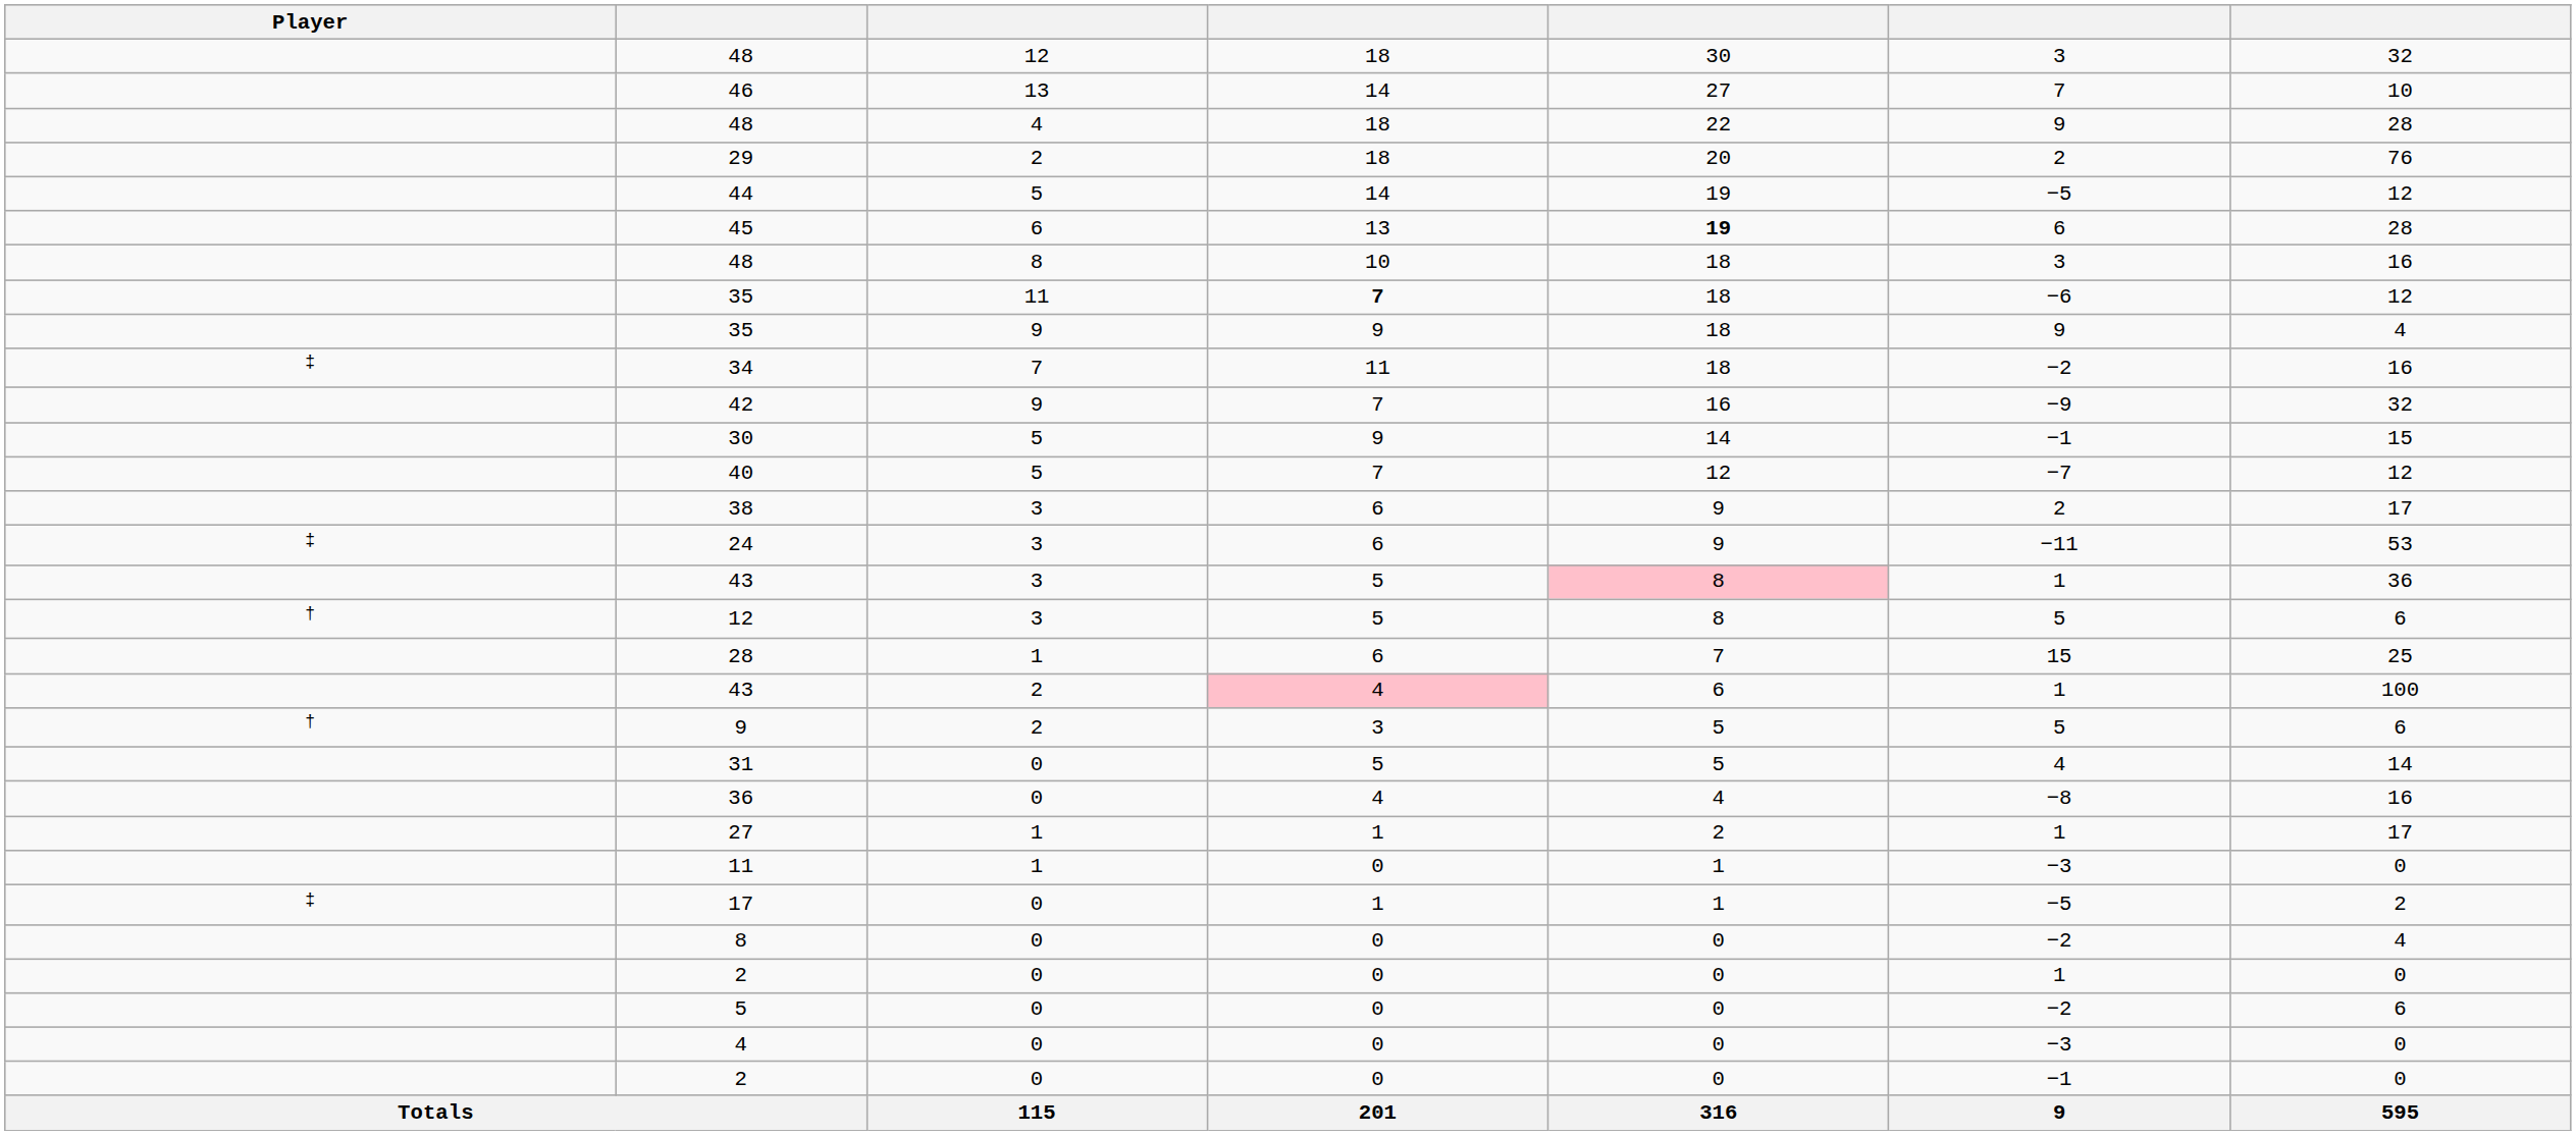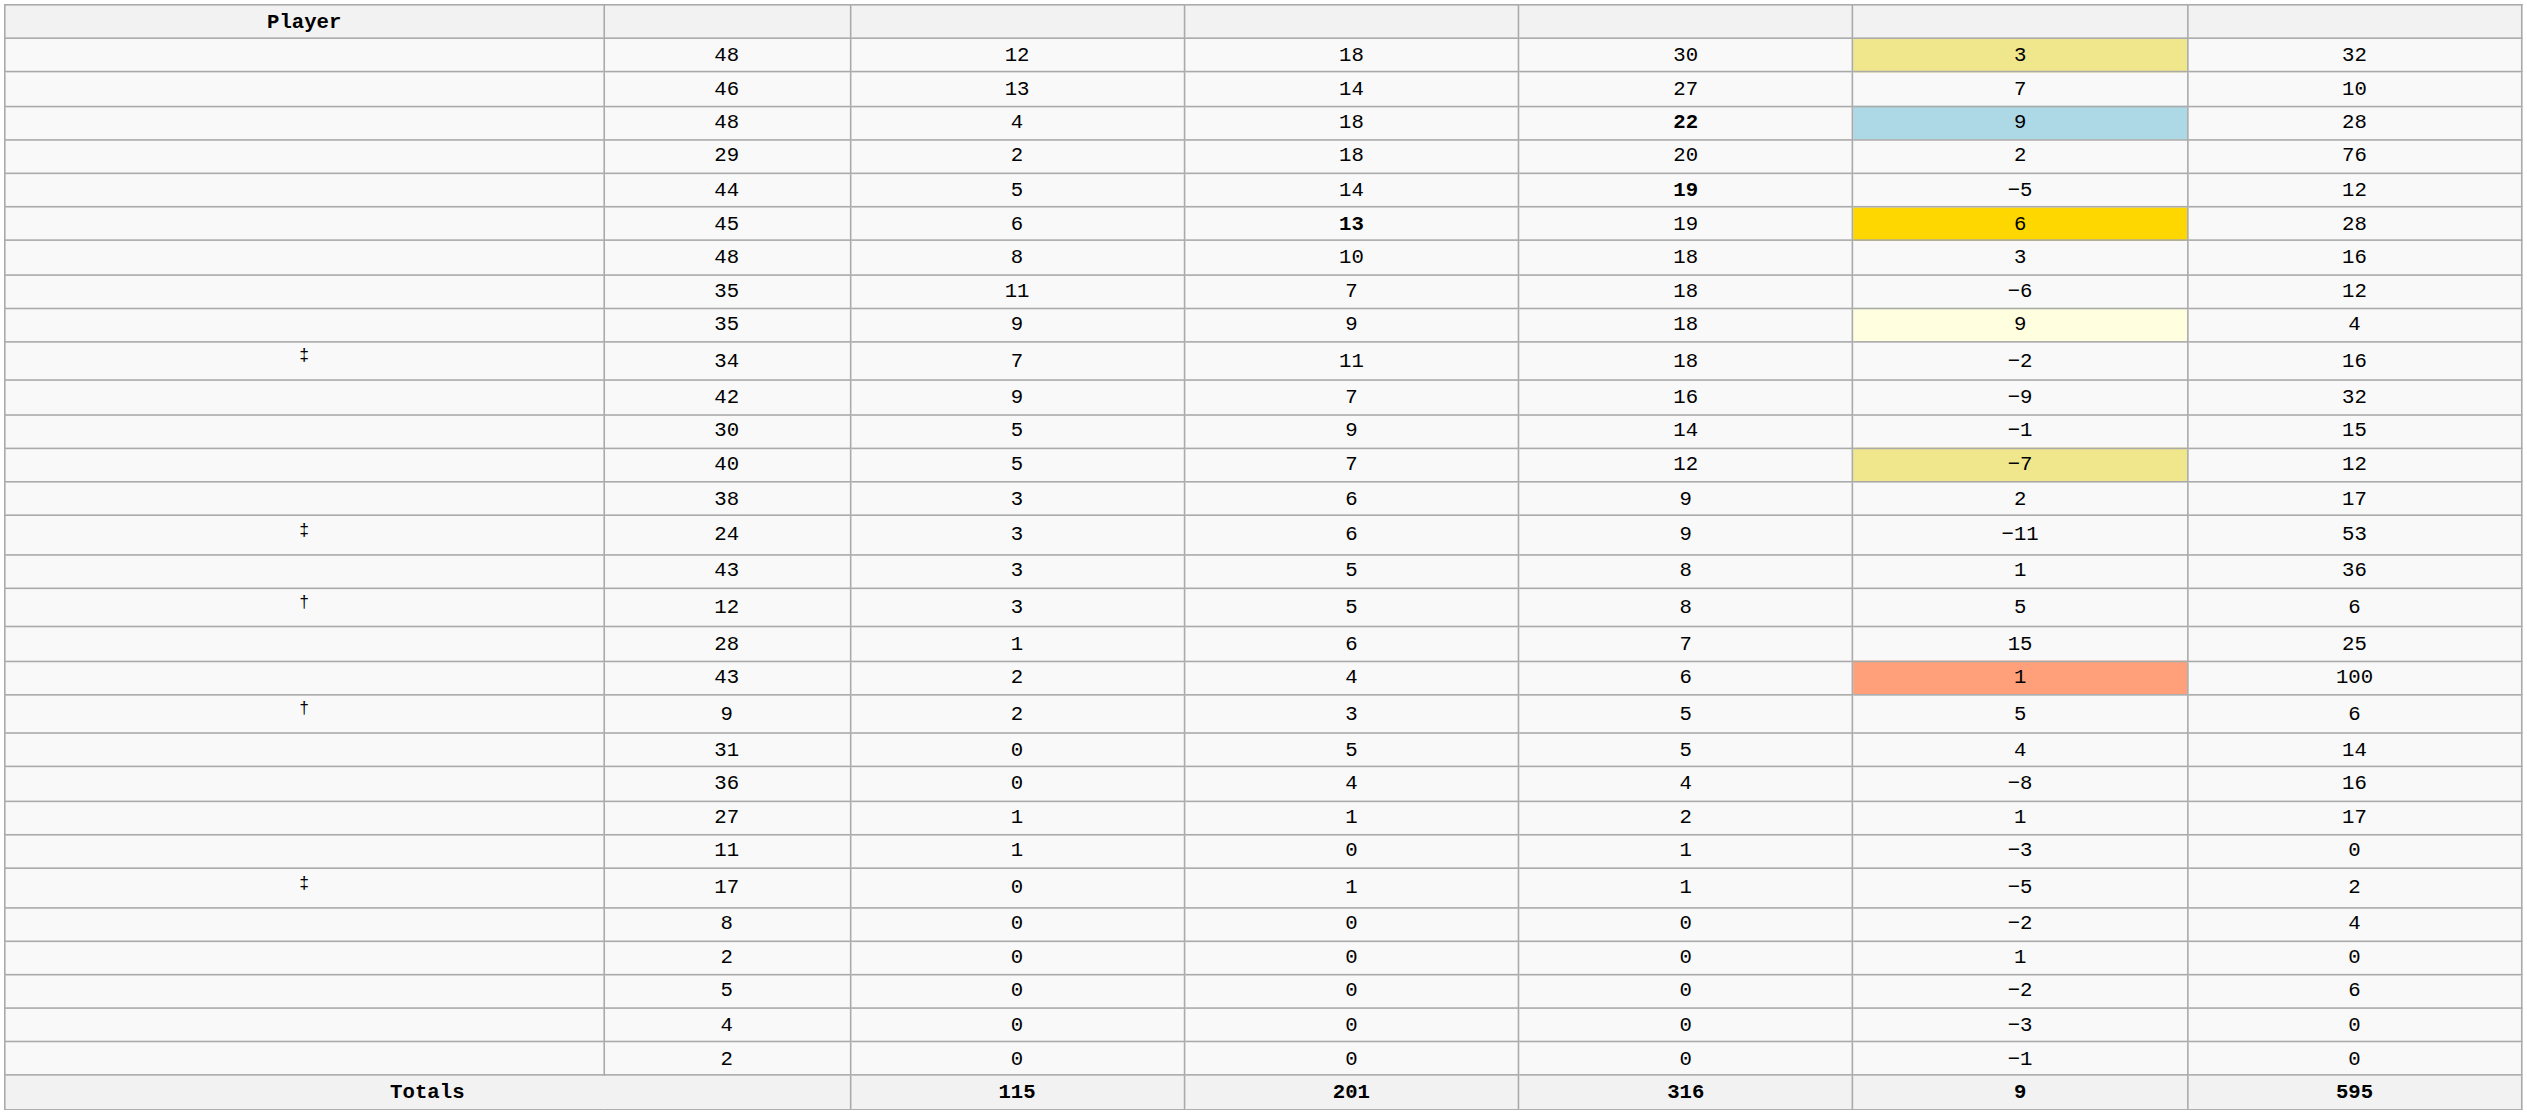 <table class="wikitable sortable" style="width:100%;">
 <tr align=center>
 <th>Player</th>
 <th></th>
 <th></th>
 <th></th>
 <th></th>
 <th data-sort-type="number"></th>
 <th></th>
 </tr>
 <tr align=center>
 <td></td>
 <td>48</td>
 <td>12</td>
 <td>18</td>
 <td>30</td>
-<td>3</td>
+<td style="background: khaki;">3</td>
 <td>32</td>
 </tr>
 <tr align=center>
 <td></td>
 <td>46</td>
 <td>13</td>
 <td>14</td>
 <td>27</td>
 <td>7</td>
 <td>10</td>
 </tr>
 <tr align=center>
 <td></td>
 <td>48</td>
 <td>4</td>
 <td>18</td>
-<td>22</td>
-<td>9</td>
+<td><strong>22</strong></td>
+<td style="background: lightblue;">9</td>
 <td>28</td>
 </tr>
 <tr align=center>
 <td></td>
 <td>29</td>
 <td>2</td>
 <td>18</td>
 <td>20</td>
 <td>2</td>
 <td>76</td>
 </tr>
 <tr align=center>
 <td></td>
 <td>44</td>
 <td>5</td>
 <td>14</td>
-<td>19</td>
+<td><strong>19</strong></td>
 <td>−5</td>
 <td>12</td>
 </tr>
 <tr align=center>
 <td></td>
 <td>45</td>
 <td>6</td>
-<td>13</td>
-<td><strong>19</strong></td>
-<td>6</td>
+<td><strong>13</strong></td>
+<td>19</td>
+<td style="background: gold;">6</td>
 <td>28</td>
 </tr>
 <tr align=center>
 <td></td>
 <td>48</td>
 <td>8</td>
 <td>10</td>
 <td>18</td>
 <td>3</td>
 <td>16</td>
 </tr>
 <tr align=center>
 <td></td>
 <td>35</td>
 <td>11</td>
-<td><strong>7</strong></td>
+<td>7</td>
 <td>18</td>
 <td>−6</td>
 <td>12</td>
 </tr>
 <tr align=center>
 <td></td>
 <td>35</td>
 <td>9</td>
 <td>9</td>
 <td>18</td>
-<td>9</td>
+<td style="background: lightyellow;">9</td>
 <td>4</td>
 </tr>
 <tr align=center>
 <td><sup>‡</sup></td>
 <td>34</td>
 <td>7</td>
 <td>11</td>
 <td>18</td>
 <td>−2</td>
 <td>16</td>
 </tr>
 <tr align=center>
 <td></td>
 <td>42</td>
 <td>9</td>
 <td>7</td>
 <td>16</td>
 <td>−9</td>
 <td>32</td>
 </tr>
 <tr align=center>
 <td></td>
 <td>30</td>
 <td>5</td>
 <td>9</td>
 <td>14</td>
 <td>−1</td>
 <td>15</td>
 </tr>
 <tr align=center>
 <td></td>
 <td>40</td>
 <td>5</td>
 <td>7</td>
 <td>12</td>
-<td>−7</td>
+<td style="background: khaki;">−7</td>
 <td>12</td>
 </tr>
 <tr align=center>
 <td></td>
 <td>38</td>
 <td>3</td>
 <td>6</td>
 <td>9</td>
 <td>2</td>
 <td>17</td>
 </tr>
 <tr align=center>
 <td><sup>‡</sup></td>
 <td>24</td>
 <td>3</td>
 <td>6</td>
 <td>9</td>
 <td>−11</td>
 <td>53</td>
 </tr>
 <tr align=center>
 <td></td>
 <td>43</td>
 <td>3</td>
 <td>5</td>
-<td style="background: pink;">8</td>
+<td>8</td>
 <td>1</td>
 <td>36</td>
 </tr>
 <tr align=center>
 <td><sup>†</sup></td>
 <td>12</td>
 <td>3</td>
 <td>5</td>
 <td>8</td>
 <td>5</td>
 <td>6</td>
 </tr>
 <tr align=center>
 <td></td>
 <td>28</td>
 <td>1</td>
 <td>6</td>
 <td>7</td>
 <td>15</td>
 <td>25</td>
 </tr>
 <tr align=center>
 <td></td>
 <td>43</td>
 <td>2</td>
-<td style="background: pink;">4</td>
+<td>4</td>
 <td>6</td>
-<td>1</td>
+<td style="background: lightsalmon;">1</td>
 <td>100</td>
 </tr>
 <tr align=center>
 <td><sup>†</sup></td>
 <td>9</td>
 <td>2</td>
 <td>3</td>
 <td>5</td>
 <td>5</td>
 <td>6</td>
 </tr>
 <tr align=center>
 <td></td>
 <td>31</td>
 <td>0</td>
 <td>5</td>
 <td>5</td>
 <td>4</td>
 <td>14</td>
 </tr>
 <tr align=center>
 <td></td>
 <td>36</td>
 <td>0</td>
 <td>4</td>
 <td>4</td>
 <td>−8</td>
 <td>16</td>
 </tr>
 <tr align=center>
 <td></td>
 <td>27</td>
 <td>1</td>
 <td>1</td>
 <td>2</td>
 <td>1</td>
 <td>17</td>
 </tr>
 <tr align=center>
 <td></td>
 <td>11</td>
 <td>1</td>
 <td>0</td>
 <td>1</td>
 <td>−3</td>
 <td>0</td>
 </tr>
 <tr align=center>
 <td><sup>‡</sup></td>
 <td>17</td>
 <td>0</td>
 <td>1</td>
 <td>1</td>
 <td>−5</td>
 <td>2</td>
 </tr>
 <tr align=center>
 <td></td>
 <td>8</td>
 <td>0</td>
 <td>0</td>
 <td>0</td>
 <td>−2</td>
 <td>4</td>
 </tr>
 <tr align=center>
 <td></td>
 <td>2</td>
 <td>0</td>
 <td>0</td>
 <td>0</td>
 <td>1</td>
 <td>0</td>
 </tr>
 <tr align=center>
 <td></td>
 <td>5</td>
 <td>0</td>
 <td>0</td>
 <td>0</td>
 <td>−2</td>
 <td>6</td>
 </tr>
 <tr align=center>
 <td></td>
 <td>4</td>
 <td>0</td>
 <td>0</td>
 <td>0</td>
 <td>−3</td>
 <td>0</td>
 </tr>
 <tr align=center>
 <td></td>
 <td>2</td>
 <td>0</td>
 <td>0</td>
 <td>0</td>
 <td>−1</td>
 <td>0</td>
 </tr>
 <tr class="unsortable">
 <th colspan=2>Totals</th>
 <th>115</th>
 <th>201</th>
 <th>316</th>
 <th>9</th>
 <th>595</th>
 </tr>
 </table>
